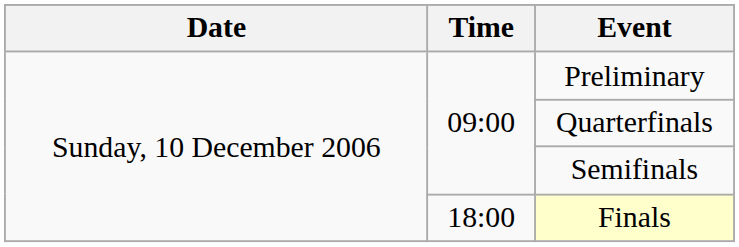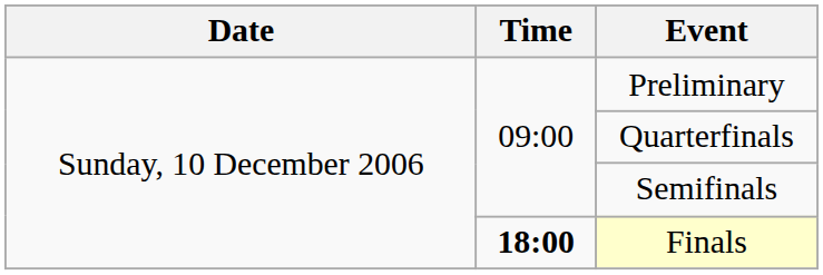 <table class = "wikitable" style="text-align:center;">
 <tr>
 <th width=220>Date</th>
 <th width=50>Time</th>
 <th width=100>Event</th>
 </tr>
 <tr>
 <td rowspan=4>Sunday, 10 December 2006</td>
 <td rowspan=3>09:00</td>
 <td>Preliminary</td>
 </tr>
 <tr>
 <td>Quarterfinals</td>
 </tr>
 <tr>
 <td>Semifinals</td>
 </tr>
 <tr>
-<td>18:00</td>
+<td><strong>18:00</strong></td>
 <td bgcolor=ffffcc>Finals</td>
 </tr>
 </table>
